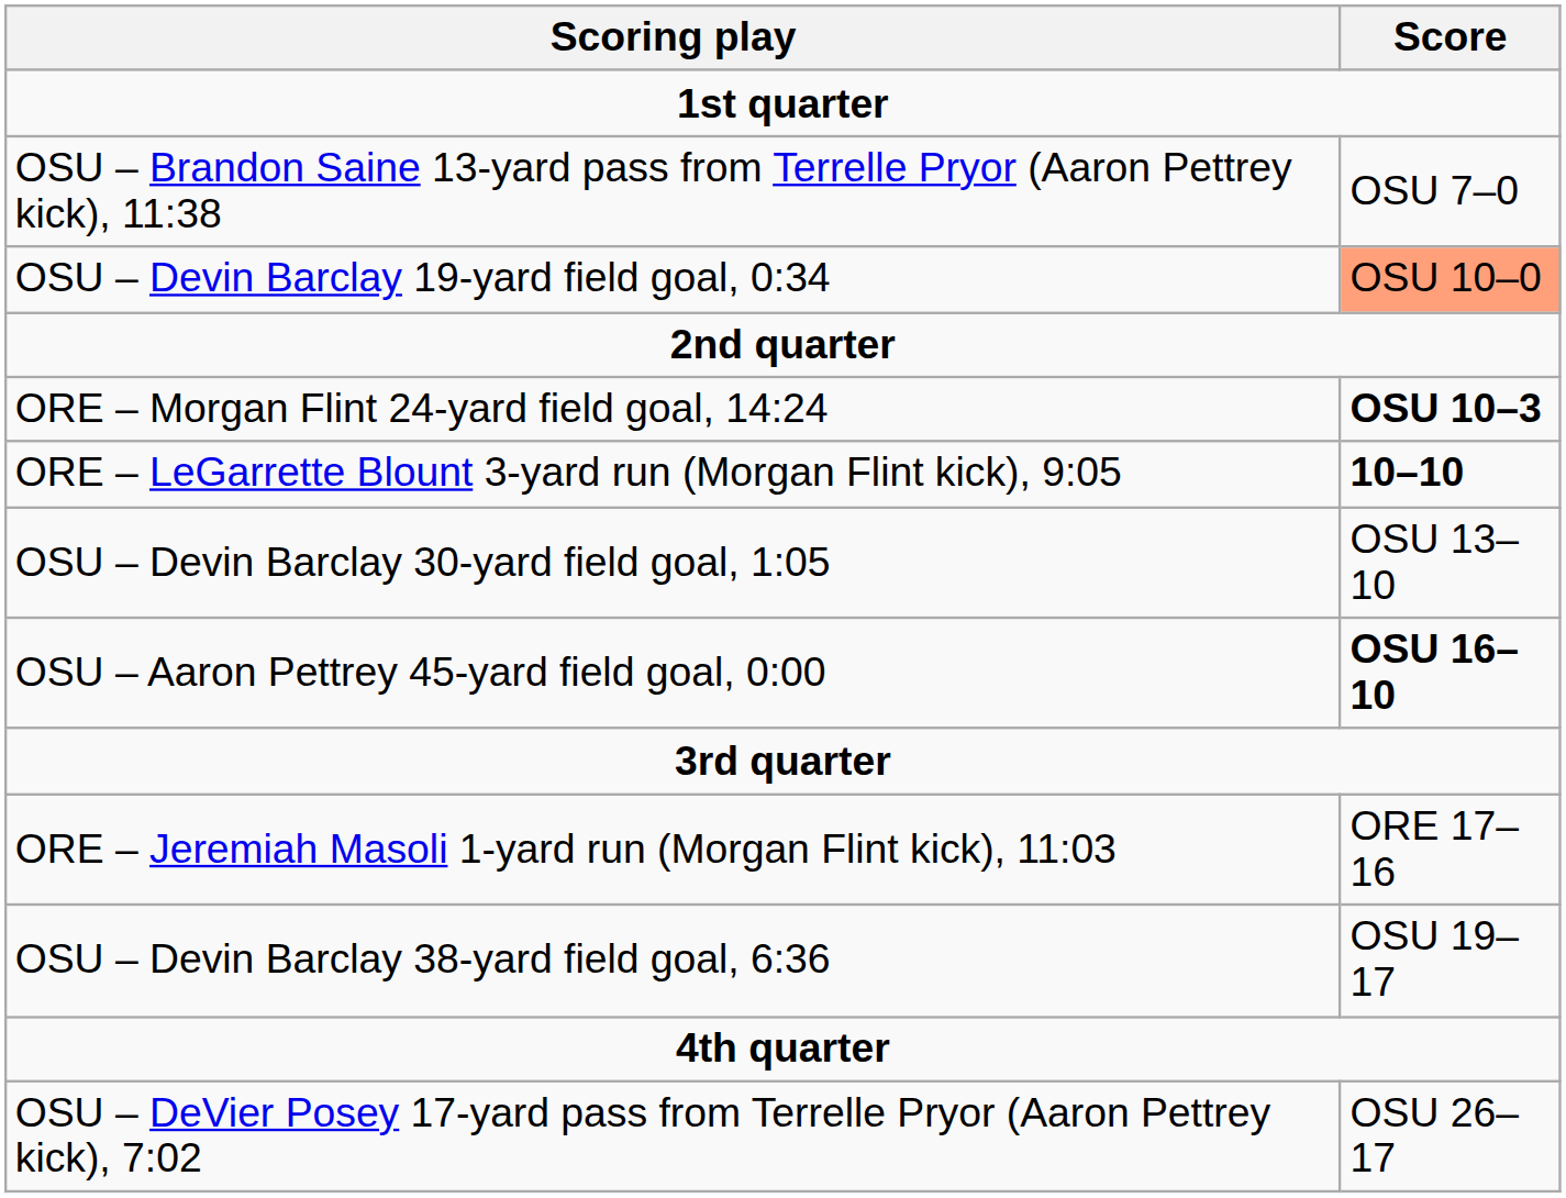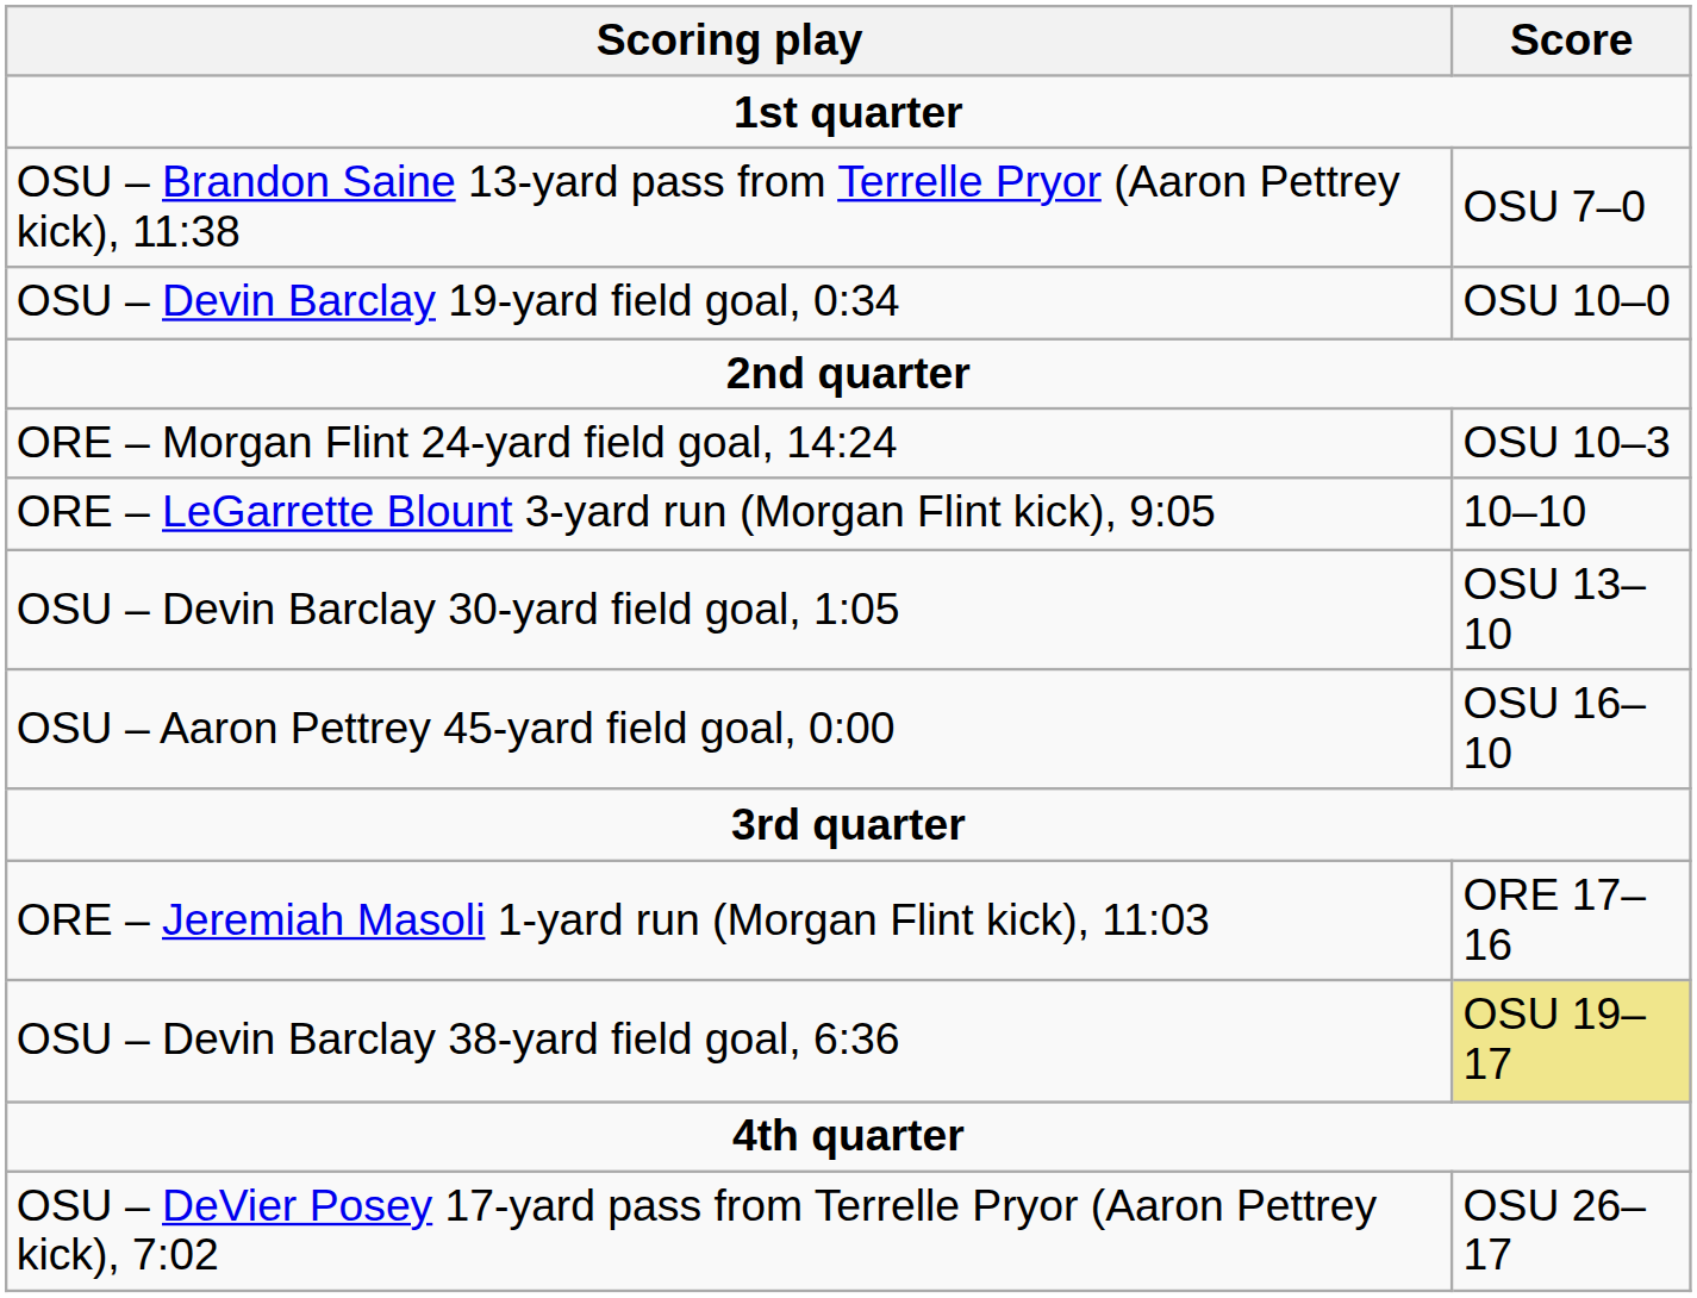 <table class="wikitable">
 <tr>
 <th>Scoring play</th>
 <th>Score</th>
 </tr>
 <tr>
 <td colspan="4" align="center"><strong>1st quarter</strong></td>
 </tr>
 <tr>
 <td>OSU – <a href='#'>Brandon Saine</a> 13-yard pass from <a href='#'>Terrelle Pryor</a> (Aaron Pettrey kick), 11:38</td>
 <td>OSU 7–0</td>
 </tr>
 <tr>
 <td>OSU – <a href='#'>Devin Barclay</a> 19-yard field goal, 0:34</td>
-<td style="background: lightsalmon;">OSU 10–0</td>
+<td>OSU 10–0</td>
 </tr>
 <tr>
 <td colspan="4" align="center"><strong>2nd quarter</strong></td>
 </tr>
 <tr>
 <td>ORE – Morgan Flint 24-yard field goal, 14:24</td>
-<td><strong>OSU 10–3</strong></td>
+<td>OSU 10–3</td>
 </tr>
 <tr>
 <td>ORE – <a href='#'>LeGarrette Blount</a> 3-yard run (Morgan Flint kick), 9:05</td>
-<td><strong>10–10</strong></td>
+<td>10–10</td>
 </tr>
 <tr>
 <td>OSU – Devin Barclay 30-yard field goal, 1:05</td>
 <td>OSU 13–10</td>
 </tr>
 <tr>
 <td>OSU – Aaron Pettrey 45-yard field goal, 0:00</td>
-<td><strong>OSU 16–10</strong></td>
+<td>OSU 16–10</td>
 </tr>
 <tr>
 <td colspan="4" align="center"><strong>3rd quarter</strong></td>
 </tr>
 <tr>
 <td>ORE – <a href='#'>Jeremiah Masoli</a> 1-yard run (Morgan Flint kick), 11:03</td>
 <td>ORE 17–16</td>
 </tr>
 <tr>
 <td>OSU – Devin Barclay 38-yard field goal, 6:36</td>
-<td>OSU 19–17</td>
+<td style="background: khaki;">OSU 19–17</td>
 </tr>
 <tr>
 <td colspan="4" align="center"><strong>4th quarter</strong></td>
 </tr>
 <tr>
 <td>OSU – <a href='#'>DeVier Posey</a> 17-yard pass from Terrelle Pryor (Aaron Pettrey kick), 7:02</td>
 <td>OSU 26–17</td>
 </tr>
 </table>
